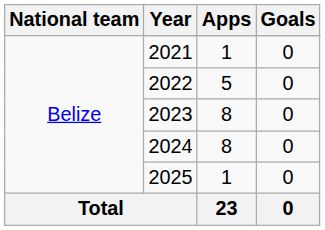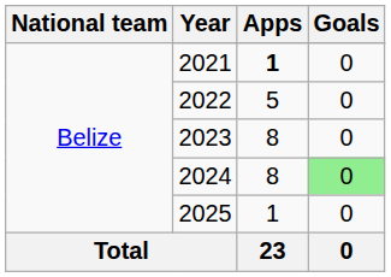 <table class="wikitable" style="text-align:center">
 <tr>
 <th>National team</th>
 <th>Year</th>
 <th>Apps</th>
 <th>Goals</th>
 </tr>
 <tr>
 <td rowspan="6"><a href='#'>Belize</a></td>
 </tr>
 <tr>
 <td>2021</td>
-<td>1</td>
+<td><strong>1</strong></td>
 <td>0</td>
 </tr>
 <tr>
 <td>2022</td>
 <td>5</td>
 <td>0</td>
 </tr>
 <tr>
 <td>2023</td>
 <td>8</td>
 <td>0</td>
 </tr>
 <tr>
 <td>2024</td>
 <td>8</td>
-<td>0</td>
+<td style="background: lightgreen;">0</td>
 </tr>
 <tr>
 <td>2025</td>
 <td>1</td>
 <td>0</td>
 </tr>
 <tr>
 <th colspan="2">Total</th>
 <th>23</th>
 <th>0</th>
 </tr>
 </table>
